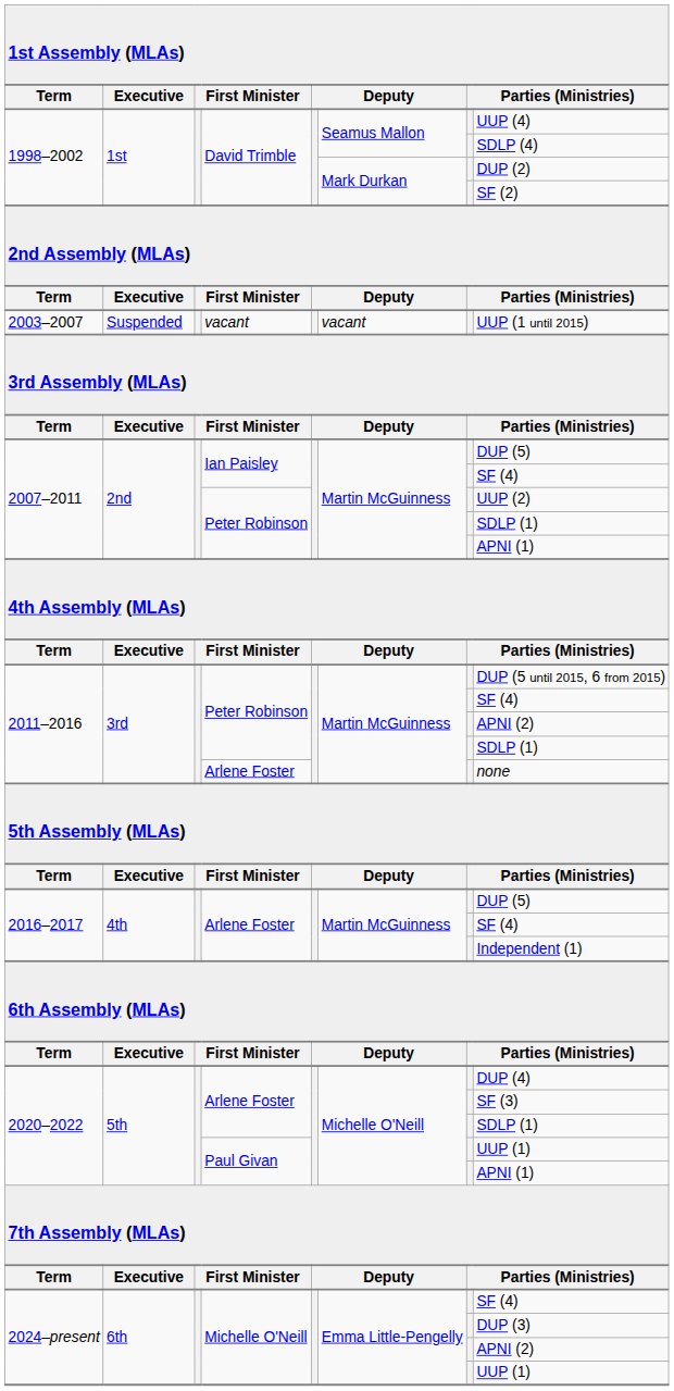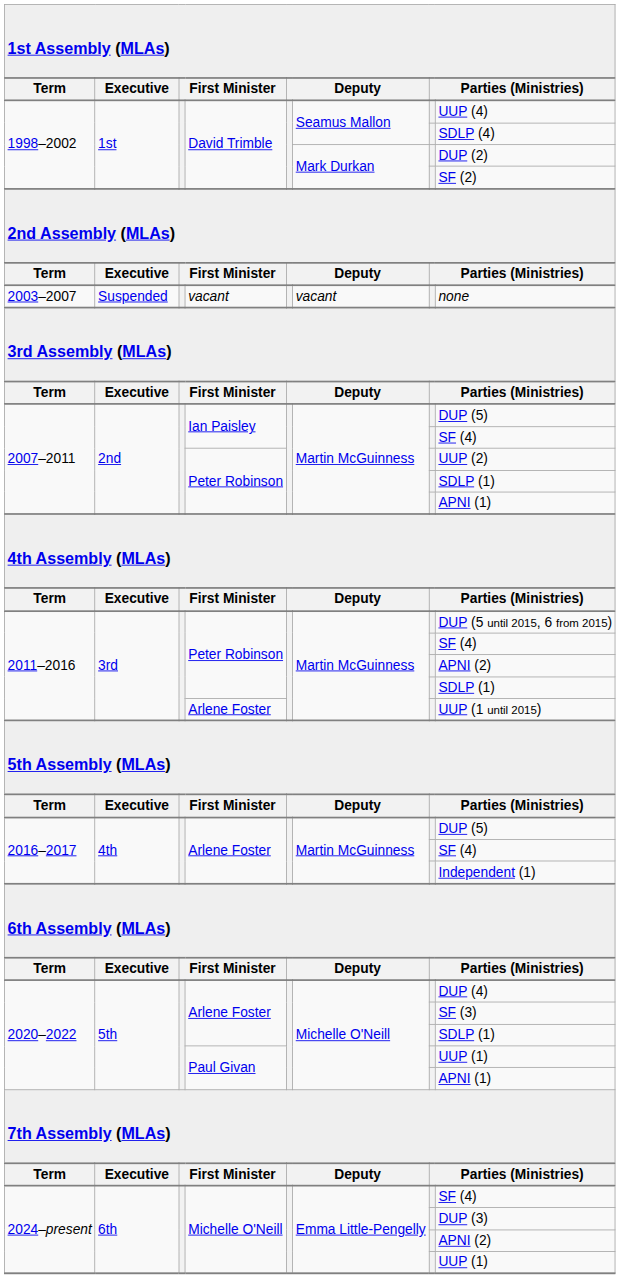 <table class="wikitable">
 <tr style="text-align: left; background: #efefef; border-bottom: 2px solid gray;">
 <td colspan="8"><br><h3><a href='#'>1st Assembly</a> (<a href='#'>MLAs</a>)</h3></td>
 </tr>
 <tr style="text-align: center; background: #efefef; border-bottom: 2px solid gray;">
 <th>Term</th>
 <th style="width: 90px">Executive</th>
 <th colspan="2">First Minister</th>
 <th colspan="2">Deputy</th>
 <th colspan="2">Parties (Ministries)</th>
 </tr>
 <tr>
 <td rowspan="4"><a href='#'>1998</a>–2002</td>
 <td rowspan="4"><a href='#'>1st</a></td>
 <th rowspan="4" style="background-color: "></th>
 <td rowspan="4"><a href='#'>David Trimble</a></td>
 <th rowspan="4" style="background-color: "></th>
 <td rowspan="2"><a href='#'>Seamus Mallon</a></td>
 <th style="background-color: "></th>
 <td><a href='#'>UUP</a> (4)</td>
 </tr>
 <tr>
 <th style="background-color: "></th>
 <td><a href='#'>SDLP</a> (4)</td>
 </tr>
 <tr>
 <td rowspan="2"><a href='#'>Mark Durkan</a></td>
 <th style="background-color: "></th>
 <td><a href='#'>DUP</a> (2)</td>
 </tr>
 <tr style="border-bottom: 2px solid gray;">
 <th style="background-color: "></th>
 <td><a href='#'>SF</a> (2)</td>
 </tr>
 <tr style="text-align: left; background: #efefef; border-bottom: 2px solid gray;">
 <td colspan="8"><br><h3><a href='#'>2nd Assembly</a> (<a href='#'>MLAs</a>)</h3></td>
 </tr>
 <tr style="text-align: center; background: #efefef; border-bottom: 2px solid gray;">
 <th>Term</th>
 <th style="width: 90px">Executive</th>
 <th colspan="2">First Minister</th>
 <th colspan="2">Deputy</th>
 <th colspan="2">Parties (Ministries)</th>
 </tr>
 <tr style="border-bottom: 2px solid gray;">
 <td><a href='#'>2003</a>–2007</td>
 <td><a href='#'>Suspended</a></td>
 <th></th>
 <td><em>vacant</em></td>
 <th></th>
 <td><em>vacant</em></td>
 <th></th>
-<td><a href='#'>UUP</a> (1 <small>until 2015</small>)</td>
+<td><em>none</em></td>
 </tr>
 <tr style="text-align: left; background: #efefef; border-bottom: 2px solid gray;">
 <td colspan="8"><br><h3><a href='#'>3rd Assembly</a> (<a href='#'>MLAs</a>)</h3></td>
 </tr>
 <tr style="text-align: center; background: #efefef; border-bottom: 2px solid gray;">
 <th>Term</th>
 <th style="width: 90px">Executive</th>
 <th colspan="2">First Minister</th>
 <th colspan="2">Deputy</th>
 <th colspan="2">Parties (Ministries)</th>
 </tr>
 <tr>
 <td rowspan="5"><a href='#'>2007</a>–2011</td>
 <td rowspan="5"><a href='#'>2nd</a></td>
 <th rowspan="5" style="background-color: "></th>
 <td rowspan="2"><a href='#'>Ian Paisley</a></td>
 <th rowspan="5" style="background-color: "></th>
 <td rowspan="5"><a href='#'>Martin McGuinness</a></td>
 <th style="background-color: "></th>
 <td><a href='#'>DUP</a> (5)</td>
 </tr>
 <tr>
 <th style="background-color: "></th>
 <td><a href='#'>SF</a> (4)</td>
 </tr>
 <tr>
 <td rowspan="3"><a href='#'>Peter Robinson</a></td>
 <th style="background-color: "></th>
 <td><a href='#'>UUP</a> (2)</td>
 </tr>
 <tr>
 <th style="background-color: "></th>
 <td><a href='#'>SDLP</a> (1)</td>
 </tr>
 <tr style="border-bottom: 2px solid gray;">
 <th style="background-color: "></th>
 <td><a href='#'>APNI</a> (1)</td>
 </tr>
 <tr style="text-align: left; background: #efefef; border-bottom: 2px solid gray;">
 <td colspan="8"><br><h3><a href='#'>4th Assembly</a> (<a href='#'>MLAs</a>)</h3></td>
 </tr>
 <tr style="text-align: center; background: #efefef; border-bottom: 2px solid gray;">
 <th>Term</th>
 <th style="width: 90px">Executive</th>
 <th colspan="2">First Minister</th>
 <th colspan="2">Deputy</th>
 <th colspan="2">Parties (Ministries)</th>
 </tr>
 <tr>
 <td rowspan="5"><a href='#'>2011</a>–2016</td>
 <td rowspan="5"><a href='#'>3rd</a></td>
 <th rowspan="5" style="background-color: "></th>
 <td rowspan="4"><a href='#'>Peter Robinson</a></td>
 <th rowspan="5" style="background-color: "></th>
 <td rowspan="5"><a href='#'>Martin McGuinness</a></td>
 <th style="background-color: "></th>
 <td><a href='#'>DUP</a> (5 <small>until 2015</small>, 6 <small>from 2015</small>)<small></small></td>
 </tr>
 <tr>
 <th style="background-color: "></th>
 <td><a href='#'>SF</a> (4)</td>
 </tr>
 <tr>
 <th style="background-color: "></th>
 <td><a href='#'>APNI</a> (2)</td>
 </tr>
 <tr>
 <th style="background-color: "></th>
 <td><a href='#'>SDLP</a> (1)</td>
 </tr>
 <tr style="border-bottom: 2px solid gray;">
 <td rowspan="1"><a href='#'>Arlene Foster</a></td>
 <th style="background-color: "></th>
-<td><em>none</em></td>
+<td><a href='#'>UUP</a> (1 <small>until 2015</small>)</td>
 </tr>
 <tr style="text-align: left; background: #efefef; border-bottom: 2px solid gray;">
 <td colspan="8"><br><h3><a href='#'>5th Assembly</a> (<a href='#'>MLAs</a>)</h3></td>
 </tr>
 <tr style="text-align: center; background: #efefef; border-bottom: 2px solid gray;">
 <th>Term</th>
 <th style="width: 90px">Executive</th>
 <th colspan="2">First Minister</th>
 <th colspan="2">Deputy</th>
 <th colspan="2">Parties (Ministries)</th>
 </tr>
 <tr>
 <td rowspan="3"><a href='#'>2016</a>–<a href='#'>2017</a></td>
 <td rowspan="3"><a href='#'>4th</a></td>
 <th rowspan="3" style="background-color: "></th>
 <td rowspan="3"><a href='#'>Arlene Foster</a></td>
 <th rowspan="3" style="background-color: "></th>
 <td rowspan="3"><a href='#'>Martin McGuinness</a></td>
 <th style="background-color: "></th>
 <td><a href='#'>DUP</a> (5)</td>
 </tr>
 <tr>
 <th style="background-color: "></th>
 <td><a href='#'>SF</a> (4)</td>
 </tr>
 <tr style="border-bottom: 2px solid gray;">
 <th style="background-color: "></th>
 <td><a href='#'>Independent</a> (1)<small></small></td>
 </tr>
 <tr style="text-align: left; background: #efefef; border-bottom: 2px solid gray;">
 <td colspan="8"><br><h3><a href='#'>6th Assembly</a> (<a href='#'>MLAs</a>)</h3></td>
 </tr>
 <tr style="text-align: center; background: #efefef; border-bottom: 2px solid gray;">
 <th>Term</th>
 <th style="width: 90px">Executive</th>
 <th colspan="2">First Minister</th>
 <th colspan="2">Deputy</th>
 <th colspan="2">Parties (Ministries)</th>
 </tr>
 <tr>
 <td rowspan="5"><a href='#'>2020</a><small></small>–<a href='#'>2022</a></td>
 <td rowspan="5"><a href='#'>5th</a></td>
 <th rowspan="5" style="background-color: "></th>
 <td rowspan="3"><a href='#'>Arlene Foster</a></td>
 <th rowspan="5" style="background-color: "></th>
 <td rowspan="5"><a href='#'>Michelle O'Neill</a></td>
 <th style="background-color: "></th>
 <td><a href='#'>DUP</a> (4)</td>
 </tr>
 <tr>
 <th style="background-color: "></th>
 <td><a href='#'>SF</a> (3)</td>
 </tr>
 <tr>
 <th style="background-color: "></th>
 <td><a href='#'>SDLP</a> (1)</td>
 </tr>
 <tr>
 <td rowspan="2"><a href='#'>Paul Givan</a></td>
 <th style="background-color: "></th>
 <td><a href='#'>UUP</a> (1)</td>
 </tr>
 <tr>
 <th style="background-color: "></th>
 <td><a href='#'>APNI</a> (1)<small></small></td>
 </tr>
 <tr style="text-align: left; background: #efefef; border-bottom: 2px solid gray;">
 <td colspan="8"><br><h3><a href='#'>7th Assembly</a> (<a href='#'>MLAs</a>)</h3></td>
 </tr>
 <tr style="text-align: center; background: #efefef; border-bottom: 2px solid gray;">
 <th>Term</th>
 <th style="width: 90px">Executive</th>
 <th colspan="2">First Minister</th>
 <th colspan="2">Deputy</th>
 <th colspan="2">Parties (Ministries)</th>
 </tr>
 <tr>
 <td rowspan="4"><a href='#'>2024</a>–<em>present</em></td>
 <td rowspan="4"><a href='#'>6th</a></td>
 <th rowspan="4" style="background-color: "></th>
 <td rowspan="4"><a href='#'>Michelle O'Neill</a></td>
 <th rowspan="4" style="background-color: "></th>
 <td rowspan="4"><a href='#'>Emma Little-Pengelly</a></td>
 <th style="background-color: "></th>
 <td><a href='#'>SF</a> (4)</td>
 </tr>
 <tr>
 <th style="background-color: "></th>
 <td><a href='#'>DUP</a> (3)</td>
 </tr>
 <tr>
 <th style="background-color: "></th>
 <td><a href='#'>APNI</a> (2)<small></small></td>
 </tr>
 <tr>
 <th style="background-color: "></th>
 <td><a href='#'>UUP</a> (1)</td>
 </tr>
 <tr style="border-bottom: 2px solid gray;">
 </tr>
 </table>
